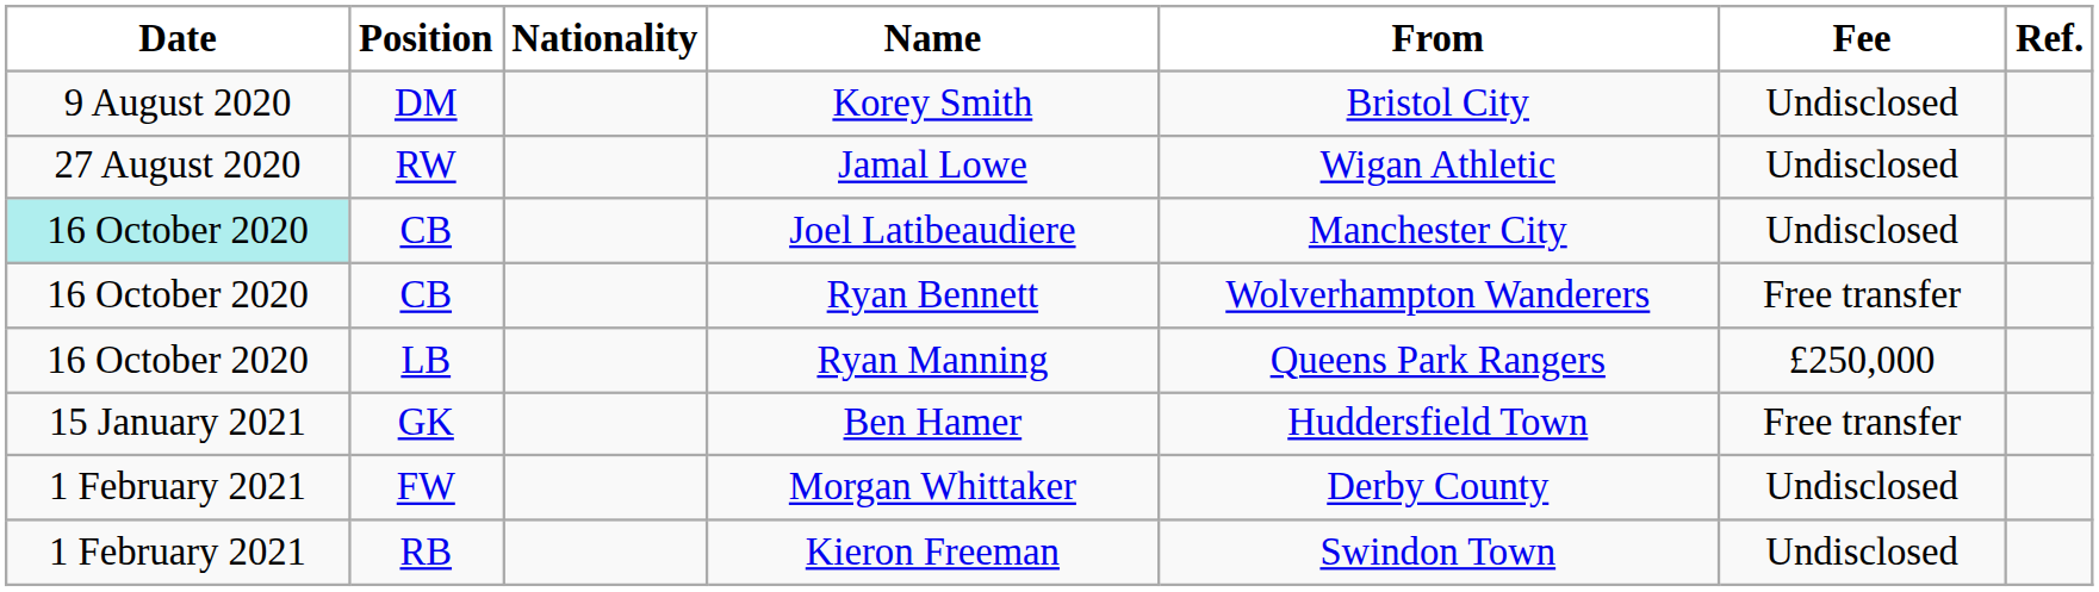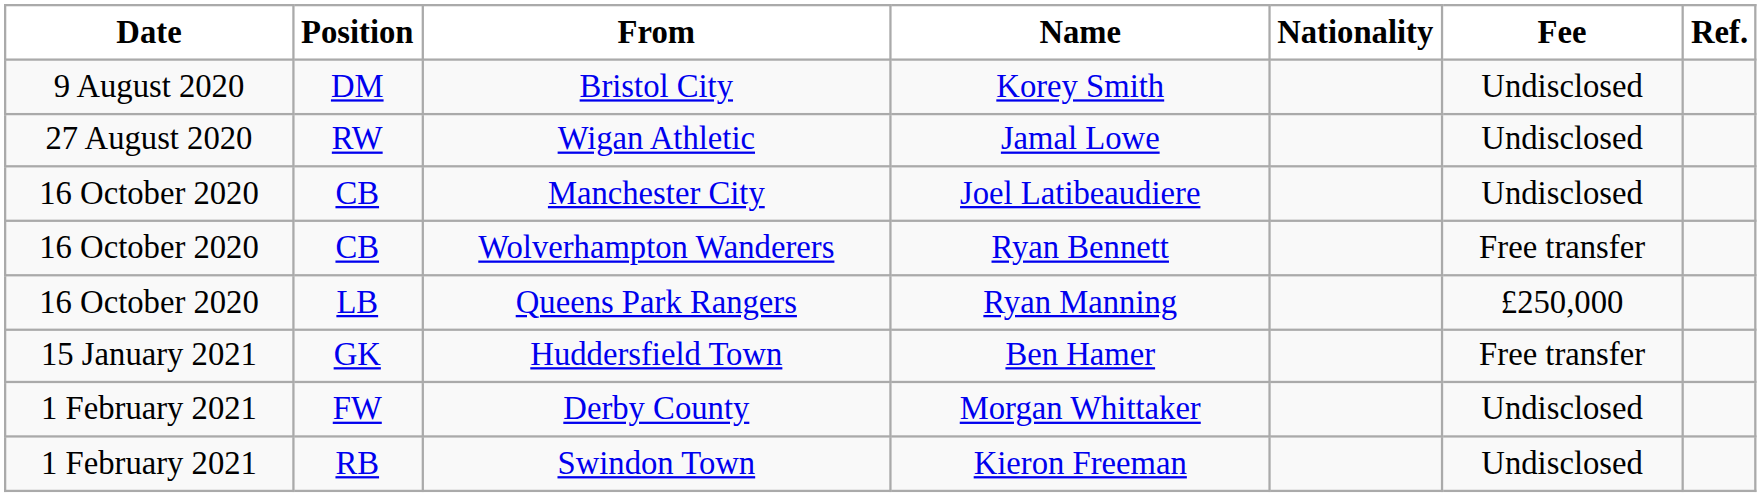 <table class="wikitable" style="text-align:center; font-size:90%; ">
 <tr>
 <th style="background:white; color:black; width:120px;">Date</th>
 <th style="background:white; color:black; width:50px;">Position</th>
+<th style="background:white; color:black; width:200px;">From</th>
+<th style="background:white; color:black; width:160px;">Name</th>
 <th style="background:white; color:black; width:50px;">Nationality</th>
-<th style="background:white; color:black; width:160px;">Name</th>
-<th style="background:white; color:black; width:200px;">From</th>
 <th style="background:white; color:black; width:100px;">Fee</th>
 <th style="background:white; color:black;">Ref.</th>
 </tr>
 <tr>
 <td>9 August 2020</td>
 <td><a href='#'>DM</a></td>
+<td><a href='#'>Bristol City</a></td>
+<td><a href='#'>Korey Smith</a></td>
 <td></td>
-<td><a href='#'>Korey Smith</a></td>
-<td><a href='#'>Bristol City</a></td>
 <td>Undisclosed</td>
 <td></td>
 </tr>
 <tr>
 <td>27 August 2020</td>
 <td><a href='#'>RW</a></td>
+<td><a href='#'>Wigan Athletic</a></td>
+<td><a href='#'>Jamal Lowe</a></td>
 <td></td>
-<td><a href='#'>Jamal Lowe</a></td>
-<td><a href='#'>Wigan Athletic</a></td>
-<td>Undisclosed</td>
-<td></td>
-</tr>
-<tr>
-<td style="background: paleturquoise;">16 October 2020</td>
-<td><a href='#'>CB</a></td>
-<td></td>
-<td><a href='#'>Joel Latibeaudiere</a></td>
-<td><a href='#'>Manchester City</a></td>
 <td>Undisclosed</td>
 <td></td>
 </tr>
 <tr>
 <td>16 October 2020</td>
 <td><a href='#'>CB</a></td>
+<td><a href='#'>Manchester City</a></td>
+<td><a href='#'>Joel Latibeaudiere</a></td>
 <td></td>
+<td>Undisclosed</td>
+<td></td>
+</tr>
+<tr>
+<td>16 October 2020</td>
+<td><a href='#'>CB</a></td>
+<td><a href='#'>Wolverhampton Wanderers</a></td>
 <td><a href='#'>Ryan Bennett</a></td>
-<td><a href='#'>Wolverhampton Wanderers</a></td>
+<td></td>
 <td>Free transfer</td>
 <td></td>
 </tr>
 <tr>
 <td>16 October 2020</td>
 <td><a href='#'>LB</a></td>
+<td><a href='#'>Queens Park Rangers</a></td>
+<td><a href='#'>Ryan Manning</a></td>
 <td></td>
-<td><a href='#'>Ryan Manning</a></td>
-<td><a href='#'>Queens Park Rangers</a></td>
 <td>£250,000</td>
 <td></td>
 </tr>
 <tr>
 <td>15 January 2021</td>
 <td><a href='#'>GK</a></td>
+<td><a href='#'>Huddersfield Town</a></td>
+<td><a href='#'>Ben Hamer</a></td>
 <td></td>
-<td><a href='#'>Ben Hamer</a></td>
-<td><a href='#'>Huddersfield Town</a></td>
 <td>Free transfer</td>
 <td></td>
 </tr>
 <tr>
 <td>1 February 2021</td>
 <td><a href='#'>FW</a></td>
+<td><a href='#'>Derby County</a></td>
+<td><a href='#'>Morgan Whittaker</a></td>
 <td></td>
-<td><a href='#'>Morgan Whittaker</a></td>
-<td><a href='#'>Derby County</a></td>
 <td>Undisclosed</td>
 <td></td>
 </tr>
 <tr>
 <td>1 February 2021</td>
 <td><a href='#'>RB</a></td>
+<td><a href='#'>Swindon Town</a></td>
+<td><a href='#'>Kieron Freeman</a></td>
 <td></td>
-<td><a href='#'>Kieron Freeman</a></td>
-<td><a href='#'>Swindon Town</a></td>
 <td>Undisclosed</td>
 <td></td>
 </tr>
 </table>
